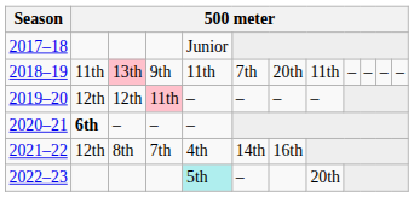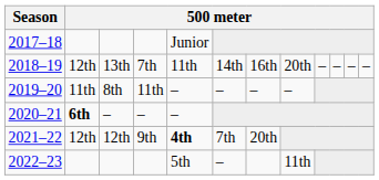 <table class="wikitable" style="display: inline-table">
 <tr>
 <th>Season</th>
 <th colspan="11">500 meter</th>
 </tr>
 <tr>
 <td><a href='#'>2017–18</a></td>
 <td></td>
 <td></td>
 <td></td>
 <td>Junior</td>
 <td colspan="7" bgcolor=#EEEEEE></td>
 </tr>
 <tr>
 <td><a href='#'>2018–19</a></td>
+<td>12th</td>
+<td>13th</td>
+<td>7th</td>
 <td>11th</td>
-<td style="background: pink;">13th</td>
-<td>9th</td>
-<td>11th</td>
-<td>7th</td>
+<td>14th</td>
+<td>16th</td>
 <td>20th</td>
-<td>11th</td>
 <td>–</td>
 <td>–</td>
 <td>–</td>
 <td>–</td>
 </tr>
 <tr>
 <td><a href='#'>2019–20</a></td>
-<td>12th</td>
-<td>12th</td>
-<td style="background: pink;">11th</td>
+<td>11th</td>
+<td>8th</td>
+<td>11th</td>
 <td>–</td>
 <td>–</td>
 <td>–</td>
 <td>–</td>
 <td colspan="4" bgcolor=#EEEEEE></td>
 </tr>
 <tr>
 <td><a href='#'>2020–21</a></td>
 <td><strong>6th</strong></td>
 <td>–</td>
 <td>–</td>
 <td>–</td>
 <td colspan="7" bgcolor=#EEEEEE></td>
 </tr>
 <tr>
 <td><a href='#'>2021–22</a></td>
 <td>12th</td>
-<td>8th</td>
+<td>12th</td>
+<td>9th</td>
+<td><strong>4th</strong></td>
 <td>7th</td>
-<td>4th</td>
-<td>14th</td>
-<td>16th</td>
+<td>20th</td>
 <td colspan="5" bgcolor=#EEEEEE></td>
 </tr>
 <tr>
 <td><a href='#'>2022–23</a></td>
 <td></td>
 <td></td>
 <td></td>
-<td style="background: paleturquoise;">5th</td>
+<td>5th</td>
 <td>–</td>
 <td></td>
-<td>20th</td>
+<td>11th</td>
 <td colspan="5" bgcolor=#EEEEEE></td>
 </tr>
 </table>
